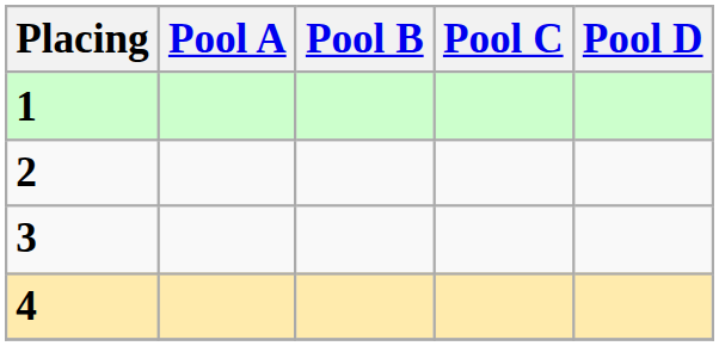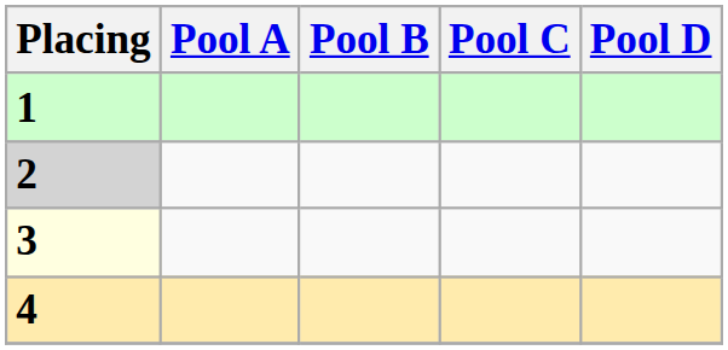 <table class=wikitable style="border:1px solid #AAAAAA;">
 <tr>
 <th>Placing</th>
 <th><a href='#'>Pool A</a></th>
 <th><a href='#'>Pool B</a></th>
 <th><a href='#'>Pool C</a></th>
 <th><a href='#'>Pool D</a></th>
 </tr>
 <tr style="background: #ccffcc;">
 <td><strong>1</strong></td>
 <td></td>
 <td></td>
 <td></td>
 <td></td>
 </tr>
 <tr>
-<td><strong>2</strong></td>
+<td style="background: lightgrey;"><strong>2</strong></td>
 <td></td>
 <td></td>
 <td></td>
 <td></td>
 </tr>
 <tr>
-<td><strong>3</strong></td>
+<td style="background: lightyellow;"><strong>3</strong></td>
 <td> </td>
 <td></td>
 <td></td>
 <td></td>
 </tr>
 <tr style="background: #ffebad;">
 <td><strong>4</strong></td>
 <td></td>
 <td></td>
 <td></td>
 <td></td>
 </tr>
 <tr>
 </tr>
 </table>
